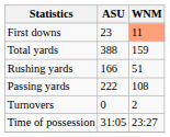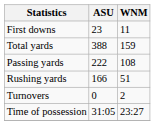 <table class="wikitable" style="float: left;">
 <tr>
 <th>Statistics</th>
 <th>ASU</th>
 <th>WNM</th>
 </tr>
 <tr>
 <td>First downs</td>
 <td>23</td>
-<td style="background: lightsalmon;">11</td>
+<td>11</td>
 </tr>
 <tr>
 <td>Total yards</td>
 <td>388</td>
 <td>159</td>
 </tr>
 <tr>
+<td>Passing yards</td>
+<td>222</td>
+<td>108</td>
+</tr>
+<tr>
 <td>Rushing yards</td>
 <td>166</td>
 <td>51</td>
-</tr>
-<tr>
-<td>Passing yards</td>
-<td>222</td>
-<td>108</td>
 </tr>
 <tr>
 <td>Turnovers</td>
 <td>0</td>
 <td>2</td>
 </tr>
 <tr>
 <td>Time of possession</td>
 <td>31:05</td>
 <td>23:27</td>
 </tr>
 <tr>
 </tr>
 </table>
